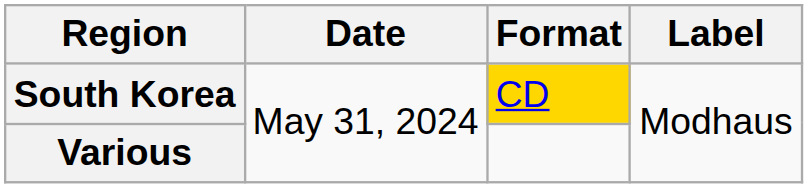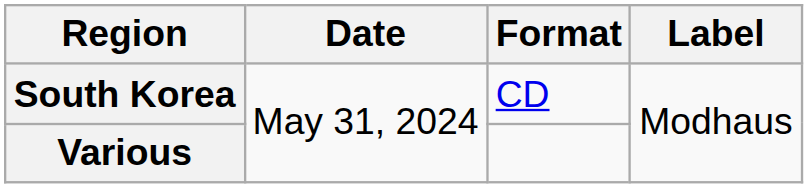 <table class="wikitable plainrowheaders">
 <tr>
 <th scope="col">Region</th>
 <th scope="col">Date</th>
 <th scope="col">Format</th>
 <th scope="col">Label</th>
 </tr>
 <tr>
 <th scope="row">South Korea</th>
 <td rowspan="2">May 31, 2024</td>
-<td style="background: gold;"><a href='#'>CD</a></td>
+<td><a href='#'>CD</a></td>
 <td rowspan="2">Modhaus</td>
 </tr>
 <tr>
 <th scope="row">Various </th>
 <td></td>
 </tr>
 </table>
